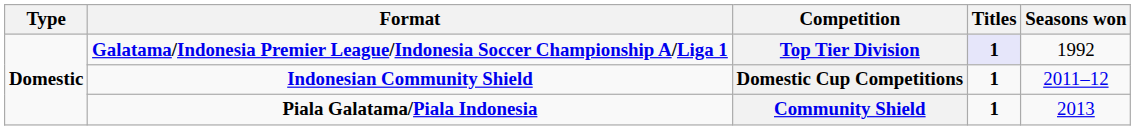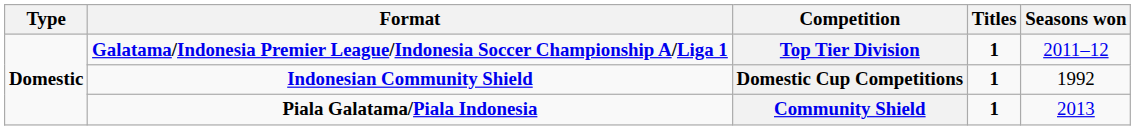 <table class="wikitable sortable">
 <tr>
 <th>Type</th>
 <th>Format</th>
 <th>Competition</th>
 <th>Titles</th>
 <th>Seasons won</th>
 </tr>
 <tr>
 <td rowspan="3"><strong>Domestic</strong></td>
 <td align="center"><strong><a href='#'>Galatama</a>/<a href='#'>Indonesia Premier League</a>/<a href='#'>Indonesia Soccer Championship A</a>/<a href='#'>Liga 1</a></strong></td>
 <th><strong><a href='#'>Top Tier Division</a></strong></th>
-<td align="center" style="background: lavender;"><strong>1</strong></td>
-<td align="center">1992</td>
+<td align="center"><strong>1</strong></td>
+<td align="center"><a href='#'>2011–12</a></td>
 </tr>
 <tr>
 <td align=center><strong><a href='#'>Indonesian Community Shield</a></strong></td>
 <th><strong>Domestic Cup Competitions</strong></th>
 <td align="center"><strong>1</strong></td>
-<td align="center"><a href='#'>2011–12</a></td>
+<td align="center">1992</td>
 </tr>
 <tr>
 <td align="center"><strong>Piala Galatama/<a href='#'>Piala Indonesia</a></strong></td>
 <th><strong><a href='#'>Community Shield</a></strong></th>
 <td align="center"><strong>1</strong></td>
 <td align=center><a href='#'>2013</a></td>
 </tr>
 </table>
